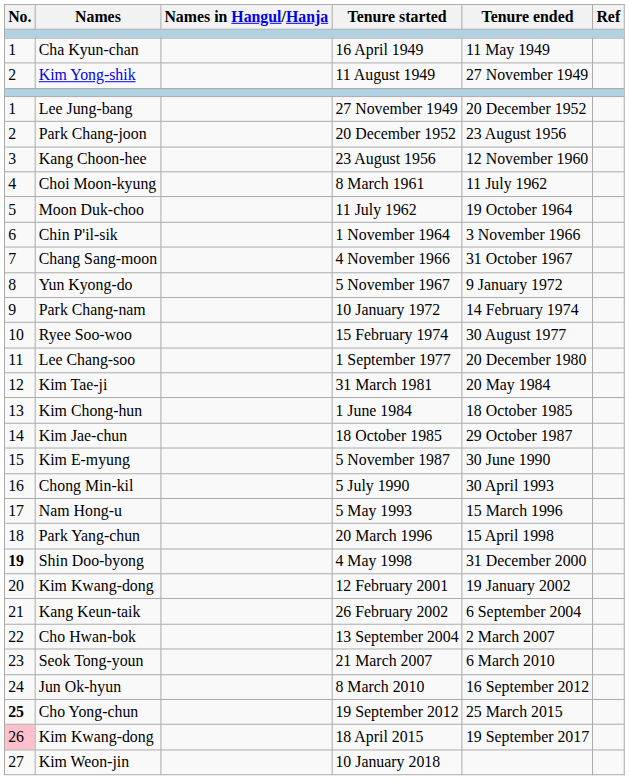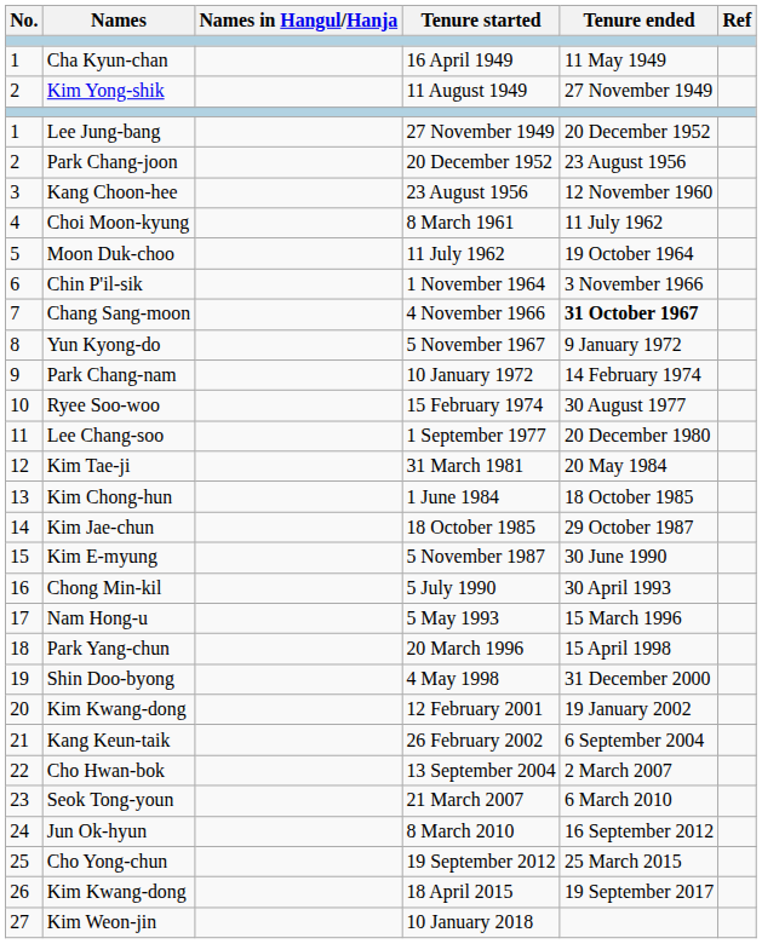 <table class="wikitable sortable" style="font-size: 100%" align=center>
 <tr>
 <th>No.</th>
 <th>Names</th>
 <th>Names in <a href='#'>Hangul</a>/<a href='#'>Hanja</a></th>
 <th>Tenure started</th>
 <th>Tenure ended</th>
 <th>Ref</th>
 </tr>
 <tr>
 <td colspan=6 bgcolor=#B1D2E2 height="1px"></td>
 </tr>
 <tr>
 <td>1</td>
 <td>Cha Kyun-chan</td>
 <td></td>
 <td>16 April 1949</td>
 <td>11 May 1949</td>
 <td></td>
 </tr>
 <tr>
 <td>2</td>
 <td><a href='#'>Kim Yong-shik</a></td>
 <td></td>
 <td>11 August 1949</td>
 <td>27 November 1949</td>
 <td></td>
 </tr>
 <tr>
 <td colspan=6 bgcolor=#B1D2E2 height="1px"></td>
 </tr>
 <tr>
 <td>1</td>
 <td>Lee Jung-bang</td>
 <td></td>
 <td>27 November 1949</td>
 <td>20 December 1952</td>
 <td></td>
 </tr>
 <tr>
 <td>2</td>
 <td>Park Chang-joon</td>
 <td></td>
 <td>20 December 1952</td>
 <td>23 August 1956</td>
 <td></td>
 </tr>
 <tr>
 <td>3</td>
 <td>Kang Choon-hee</td>
 <td></td>
 <td>23 August 1956</td>
 <td>12 November 1960</td>
 <td></td>
 </tr>
 <tr>
 <td>4</td>
 <td>Choi Moon-kyung</td>
 <td></td>
 <td>8 March 1961</td>
 <td>11 July 1962</td>
 <td></td>
 </tr>
 <tr>
 <td>5</td>
 <td>Moon Duk-choo</td>
 <td></td>
 <td>11 July 1962</td>
 <td>19 October 1964</td>
 <td></td>
 </tr>
 <tr>
 <td>6</td>
 <td>Chin P'il-sik</td>
 <td></td>
 <td>1 November 1964</td>
 <td>3 November 1966</td>
 <td></td>
 </tr>
 <tr>
 <td>7</td>
 <td>Chang Sang-moon</td>
 <td></td>
 <td>4 November 1966</td>
-<td>31 October 1967</td>
+<td><strong>31 October 1967</strong></td>
 <td></td>
 </tr>
 <tr>
 <td>8</td>
 <td>Yun Kyong-do</td>
 <td></td>
 <td>5 November 1967</td>
 <td>9 January 1972</td>
 <td></td>
 </tr>
 <tr>
 <td>9</td>
 <td>Park Chang-nam</td>
 <td></td>
 <td>10  January 1972</td>
 <td>14 February 1974</td>
 <td></td>
 </tr>
 <tr>
 <td>10</td>
 <td>Ryee Soo-woo</td>
 <td></td>
 <td>15  February 1974</td>
 <td>30 August 1977</td>
 <td></td>
 </tr>
 <tr>
 <td>11</td>
 <td>Lee Chang-soo</td>
 <td></td>
 <td>1 September 1977</td>
 <td>20 December 1980</td>
 <td></td>
 </tr>
 <tr>
 <td>12</td>
 <td>Kim Tae-ji</td>
 <td></td>
 <td>31 March 1981</td>
 <td>20 May 1984</td>
 <td></td>
 </tr>
 <tr>
 <td>13</td>
 <td>Kim Chong-hun</td>
 <td></td>
 <td>1 June 1984</td>
 <td>18 October 1985</td>
 <td></td>
 </tr>
 <tr>
 <td>14</td>
 <td>Kim Jae-chun</td>
 <td></td>
 <td>18 October 1985</td>
 <td>29 October 1987</td>
 <td></td>
 </tr>
 <tr>
 <td>15</td>
 <td>Kim E-myung</td>
 <td></td>
 <td>5 November 1987</td>
 <td>30 June 1990</td>
 <td></td>
 </tr>
 <tr>
 <td>16</td>
 <td>Chong Min-kil</td>
 <td></td>
 <td>5 July 1990</td>
 <td>30 April 1993</td>
 <td></td>
 </tr>
 <tr>
 <td>17</td>
 <td>Nam Hong-u</td>
 <td></td>
 <td>5 May 1993</td>
 <td>15 March 1996</td>
 <td></td>
 </tr>
 <tr>
 <td>18</td>
 <td>Park Yang-chun</td>
 <td></td>
 <td>20 March 1996</td>
 <td>15 April 1998</td>
 <td></td>
 </tr>
 <tr>
-<td><strong>19</strong></td>
+<td>19</td>
 <td>Shin Doo-byong</td>
 <td></td>
 <td>4 May 1998</td>
 <td>31 December 2000</td>
 <td></td>
 </tr>
 <tr>
 <td>20</td>
 <td>Kim Kwang-dong</td>
 <td></td>
 <td>12 February 2001</td>
 <td>19 January 2002</td>
 <td></td>
 </tr>
 <tr>
 <td>21</td>
 <td>Kang Keun-taik</td>
 <td></td>
 <td>26 February 2002</td>
 <td>6 September 2004</td>
 <td></td>
 </tr>
 <tr>
 <td>22</td>
 <td>Cho Hwan-bok</td>
 <td></td>
 <td>13 September 2004</td>
 <td>2 March 2007</td>
 <td></td>
 </tr>
 <tr>
 <td>23</td>
 <td>Seok Tong-youn</td>
 <td></td>
 <td>21 March 2007</td>
 <td>6 March 2010</td>
 <td></td>
 </tr>
 <tr>
 <td>24</td>
 <td>Jun Ok-hyun</td>
 <td></td>
 <td>8 March 2010</td>
 <td>16 September 2012</td>
 <td></td>
 </tr>
 <tr>
-<td><strong>25</strong></td>
+<td>25</td>
 <td>Cho Yong-chun</td>
 <td></td>
 <td>19 September 2012</td>
 <td>25 March 2015</td>
 <td></td>
 </tr>
 <tr>
-<td style="background: pink;">26</td>
+<td>26</td>
 <td>Kim Kwang-dong</td>
 <td></td>
 <td>18 April 2015</td>
 <td>19 September 2017</td>
 <td></td>
 </tr>
 <tr>
 <td>27</td>
 <td>Kim Weon-jin</td>
 <td></td>
 <td>10 January 2018</td>
 <td></td>
 <td></td>
 </tr>
 </table>
